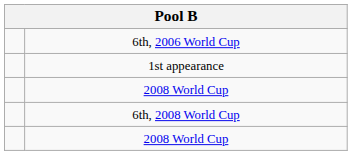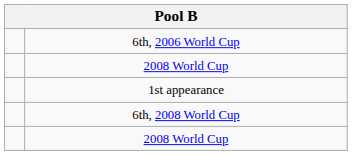 <table class="wikitable">
 <tr>
 <th colspan=2 width=350>Pool B</th>
 </tr>
 <tr align=center>
 <td></td>
 <td><small>6th, <a href='#'>2006 World Cup</a></small></td>
 </tr>
 <tr align=center>
 <td></td>
-<td><small>1st appearance</small></td>
+<td><small> <a href='#'>2008 World Cup</a></small></td>
 </tr>
 <tr align=center>
 <td></td>
-<td><small> <a href='#'>2008 World Cup</a></small></td>
+<td><small>1st appearance</small></td>
 </tr>
 <tr align=center>
 <td></td>
 <td><small>6th, <a href='#'>2008 World Cup</a></small></td>
 </tr>
 <tr align=center>
 <td></td>
 <td><small> <a href='#'>2008 World Cup</a></small></td>
 </tr>
 </table>
